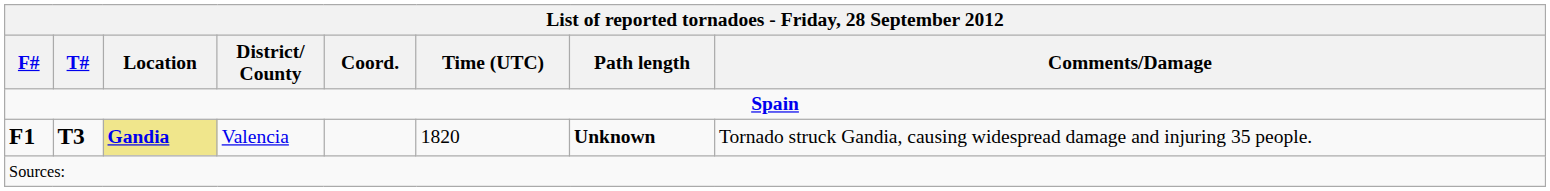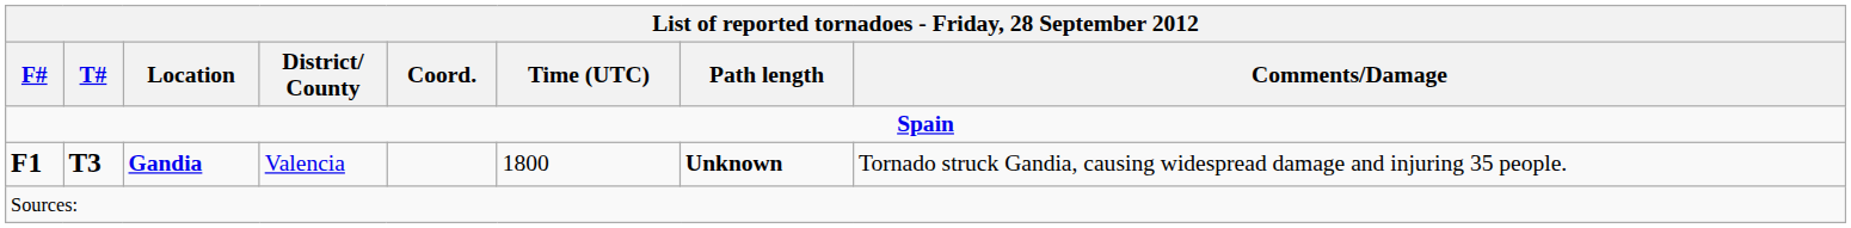 <table class="wikitable collapsible" width="100%">
 <tr>
 <th colspan="8">List of reported tornadoes - Friday, 28 September 2012</th>
 </tr>
 <tr>
 <th><a href='#'>F#</a></th>
 <th><a href='#'>T#</a></th>
 <th>Location</th>
 <th>District/<br>County</th>
 <th>Coord.</th>
 <th>Time (UTC)</th>
 <th>Path length</th>
 <th>Comments/Damage</th>
 </tr>
 <tr>
 <td colspan="8" align=center><strong><a href='#'>Spain</a></strong></td>
 </tr>
 <tr>
 <td><big><strong>F1</strong></big></td>
 <td><big><strong>T3</strong></big></td>
-<td style="background: khaki;"><strong><a href='#'>Gandia</a></strong></td>
+<td><strong><a href='#'>Gandia</a></strong></td>
 <td><a href='#'>Valencia</a></td>
 <td></td>
-<td>1820</td>
+<td>1800</td>
 <td><strong>Unknown</strong></td>
 <td>Tornado struck Gandia, causing widespread damage and injuring 35 people.</td>
 </tr>
 <tr>
 <td colspan="8"><small>Sources:  </small></td>
 </tr>
 </table>
